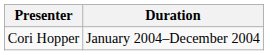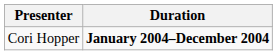 <table class="wikitable">
 <tr>
 <th>Presenter</th>
 <th>Duration</th>
 </tr>
 <tr>
 <td>Cori Hopper</td>
-<td>January 2004–December 2004</td>
+<td><strong>January 2004–December 2004</strong></td>
 </tr>
 </table>
